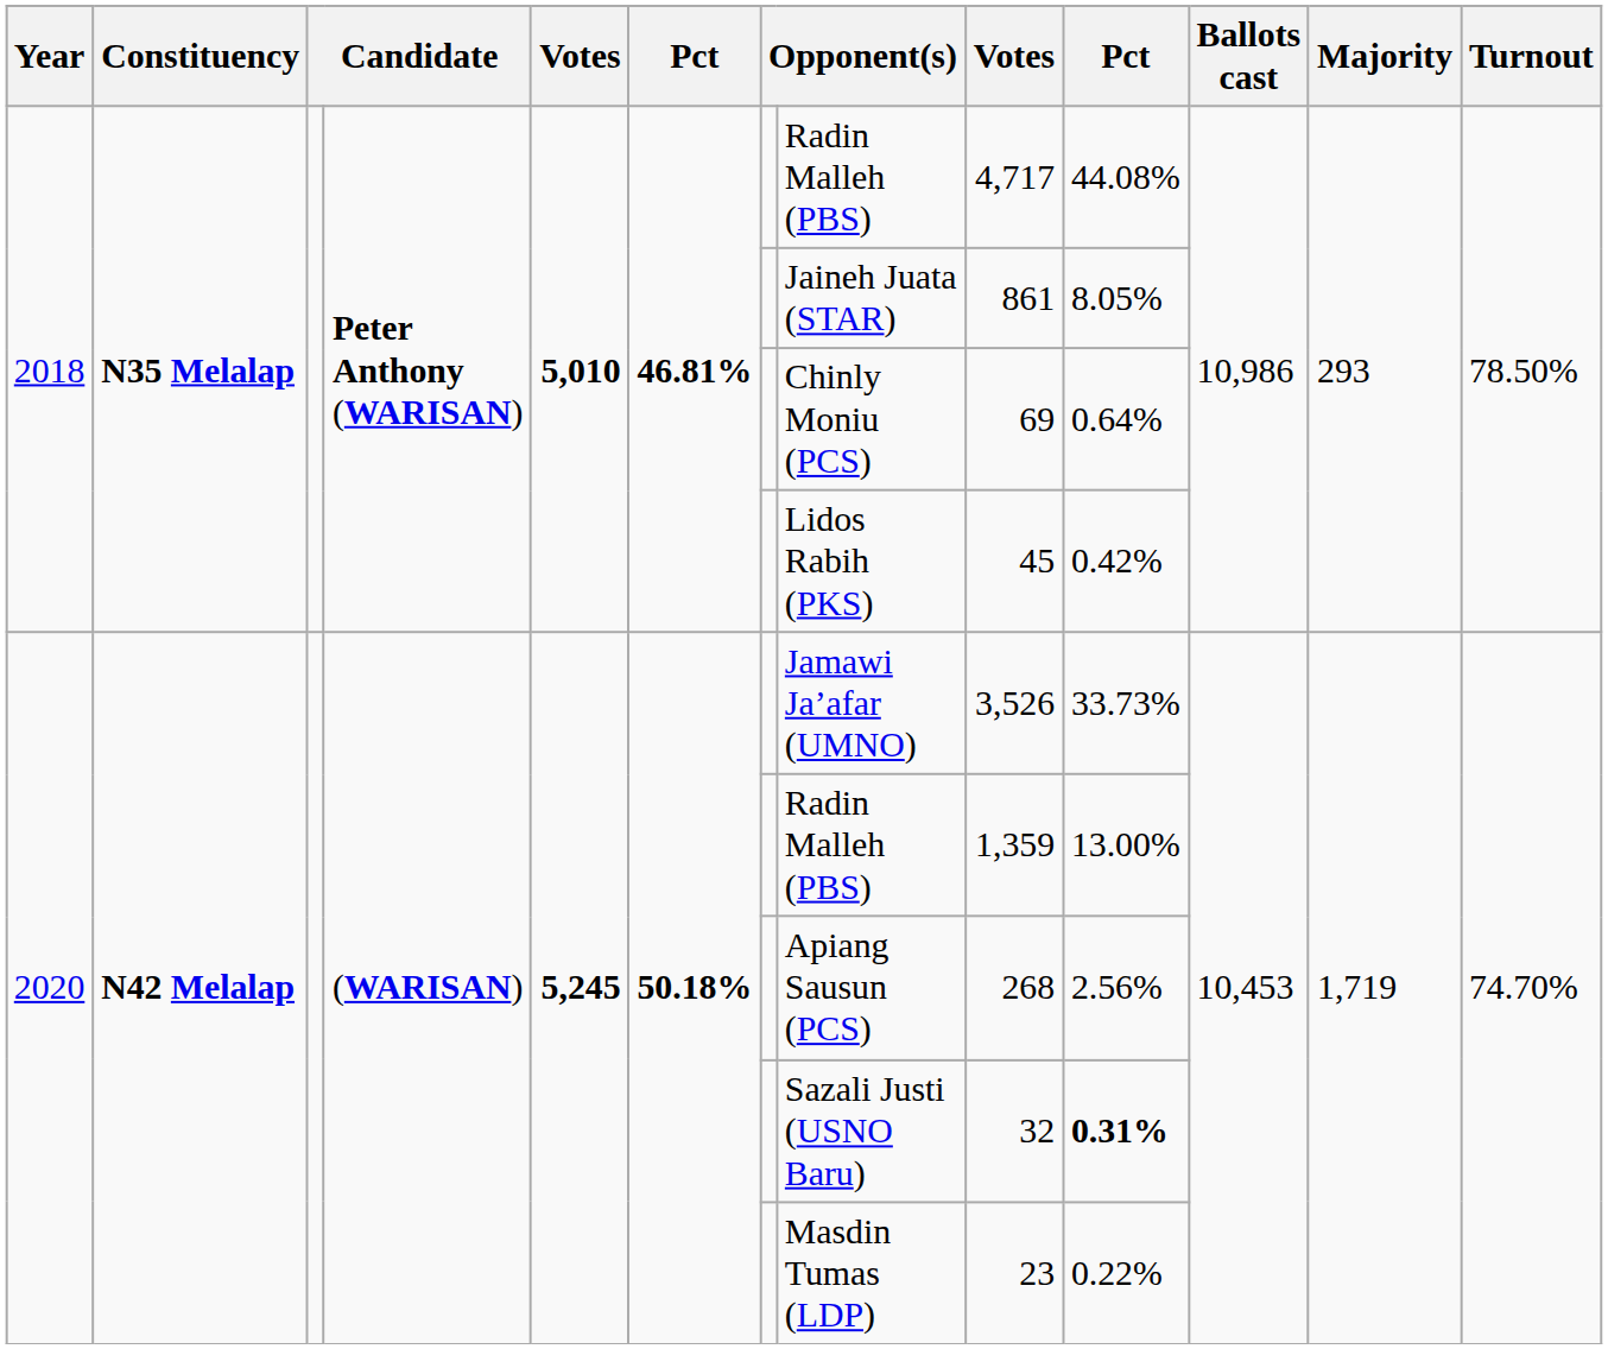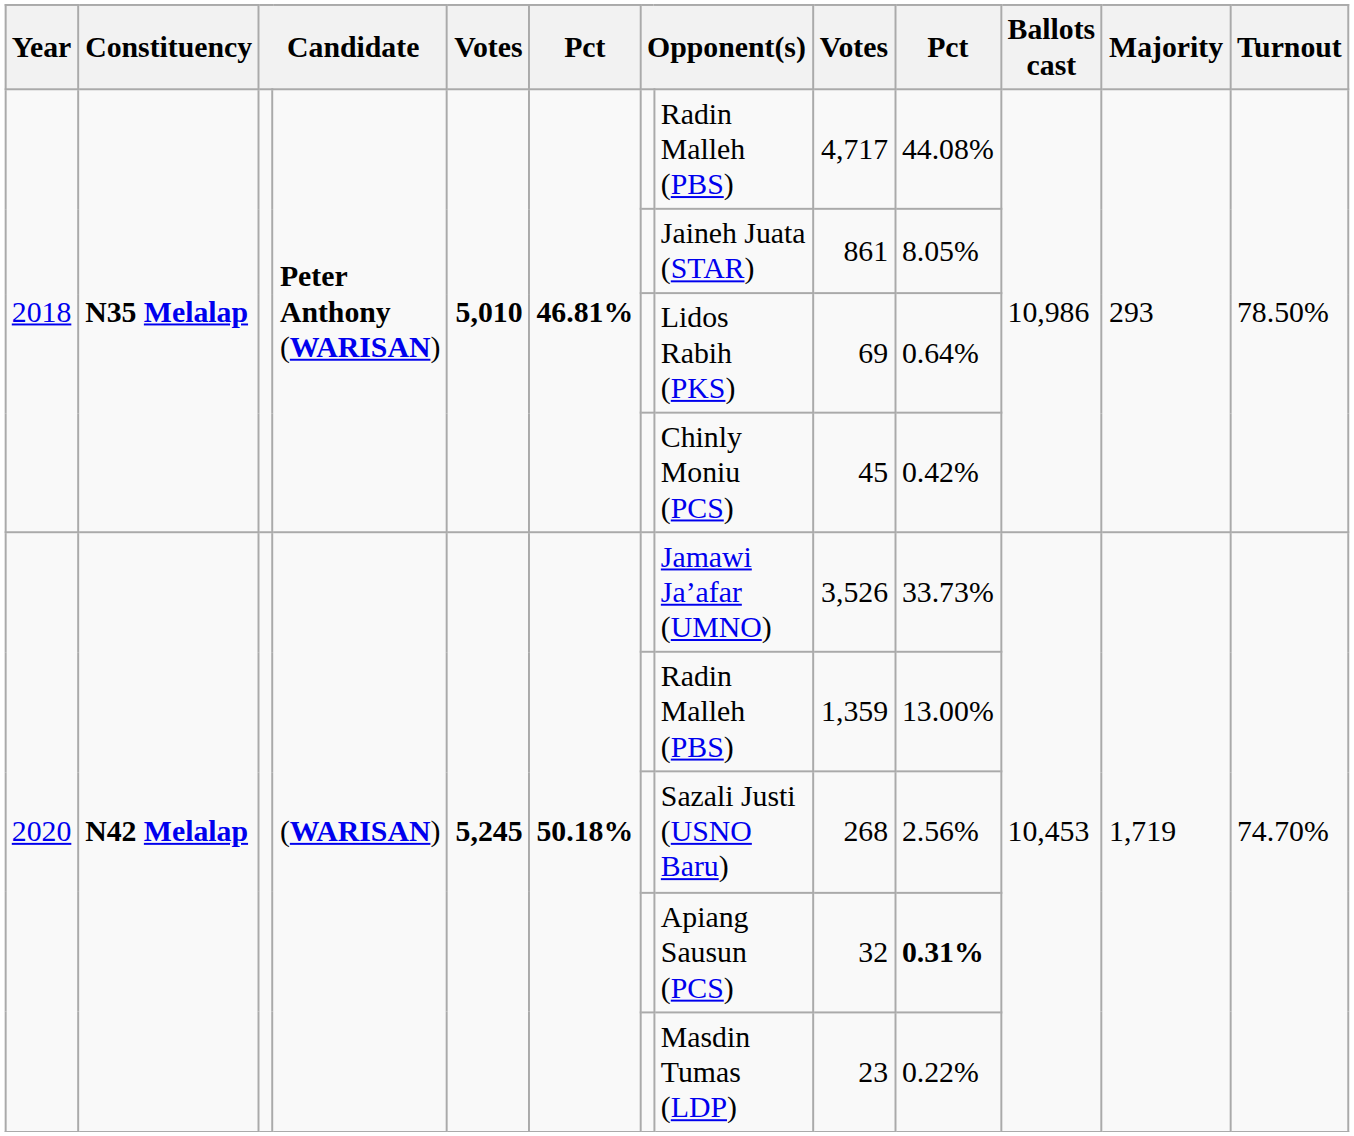 <table class="wikitable" style="margin:0.5em ; font-size:95%">
 <tr>
 <th>Year</th>
 <th>Constituency</th>
 <th colspan=2>Candidate</th>
 <th>Votes</th>
 <th>Pct</th>
 <th colspan=2>Opponent(s)</th>
 <th>Votes</th>
 <th>Pct</th>
 <th>Ballots cast</th>
 <th>Majority</th>
 <th>Turnout</th>
 </tr>
 <tr>
 <td rowspan=4><a href='#'>2018</a></td>
 <td rowspan=4><strong>N35 <a href='#'>Melalap</a></strong></td>
 <td rowspan=4 ></td>
 <td rowspan=4><strong>Peter Anthony</strong> (<a href='#'><strong>WARISAN</strong></a>)</td>
 <td rowspan=4 align="right"><strong>5,010</strong></td>
 <td rowspan=4><strong>46.81%</strong></td>
 <td></td>
 <td>Radin Malleh (<a href='#'>PBS</a>)</td>
 <td align="right">4,717</td>
 <td>44.08%</td>
 <td rowspan=4>10,986</td>
 <td rowspan=4>293</td>
 <td rowspan=4>78.50%</td>
 </tr>
 <tr>
 <td></td>
 <td>Jaineh Juata (<a href='#'>STAR</a>)</td>
 <td align="right">861</td>
 <td>8.05%</td>
 </tr>
 <tr>
 <td></td>
-<td>Chinly Moniu (<a href='#'>PCS</a>)</td>
+<td>Lidos Rabih (<a href='#'>PKS</a>)</td>
 <td align="right">69</td>
 <td>0.64%</td>
 </tr>
 <tr>
 <td></td>
-<td>Lidos Rabih (<a href='#'>PKS</a>)</td>
+<td>Chinly Moniu (<a href='#'>PCS</a>)</td>
 <td align="right">45</td>
 <td>0.42%</td>
 </tr>
 <tr>
 <td rowspan=5><a href='#'>2020</a></td>
 <td rowspan=5><strong>N42 <a href='#'>Melalap</a></strong></td>
 <td rowspan=5 ></td>
 <td rowspan=5> (<a href='#'><strong>WARISAN</strong></a>)</td>
 <td rowspan=5 align="right"><strong>5,245</strong></td>
 <td rowspan=5><strong>50.18%</strong></td>
 <td></td>
 <td><a href='#'>Jamawi Ja’afar</a> (<a href='#'>UMNO</a>)</td>
 <td align="right">3,526</td>
 <td>33.73%</td>
 <td rowspan=5>10,453</td>
 <td rowspan=5>1,719</td>
 <td rowspan=5>74.70%</td>
 </tr>
 <tr>
 <td></td>
 <td>Radin Malleh (<a href='#'>PBS</a>)</td>
 <td align="right">1,359</td>
 <td>13.00%</td>
 </tr>
 <tr>
 <td></td>
-<td>Apiang Sausun (<a href='#'>PCS</a>)</td>
+<td>Sazali Justi (<a href='#'>USNO Baru</a>)</td>
 <td align="right">268</td>
 <td>2.56%</td>
 </tr>
 <tr>
 <td bgcolor=></td>
-<td>Sazali Justi (<a href='#'>USNO Baru</a>)</td>
+<td>Apiang Sausun (<a href='#'>PCS</a>)</td>
 <td align="right">32</td>
 <td><strong>0.31%</strong></td>
 </tr>
 <tr>
 <td></td>
 <td>Masdin Tumas (<a href='#'>LDP</a>)</td>
 <td align="right">23</td>
 <td>0.22%</td>
 </tr>
 </table>
